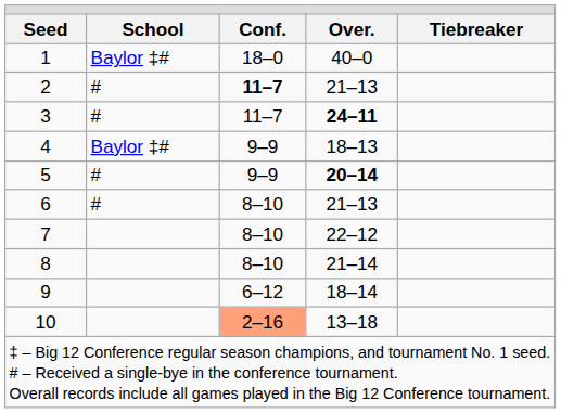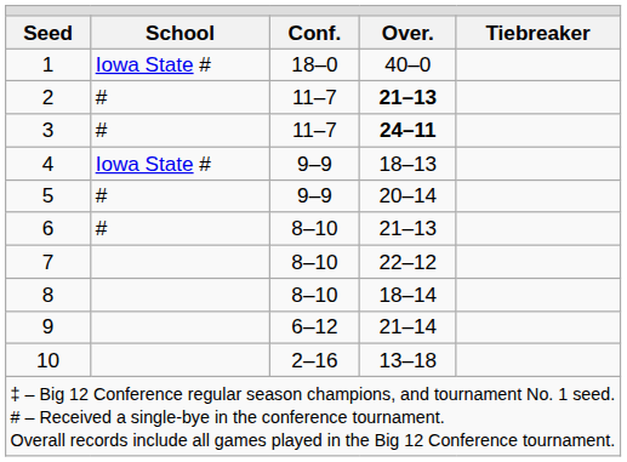 <table class="wikitable" style="white-space:nowrap; font-size:90%;text-align:center">
 <tr>
 <td colspan="10" style="text-align:center; background:#DDDDDD; font:#000000"><strong></strong></td>
 </tr>
 <tr bgcolor="#efefef">
 <th>Seed</th>
 <th>School</th>
 <th>Conf.</th>
 <th>Over.</th>
 <th>Tiebreaker</th>
 </tr>
 <tr>
 <td>1</td>
-<td align=left><a href='#'>Baylor</a> ‡#</td>
+<td align=left><a href='#'>Iowa State</a> #</td>
 <td>18–0</td>
 <td>40–0</td>
 <td></td>
 </tr>
 <tr>
 <td>2</td>
 <td align=left> #</td>
-<td><strong>11–7</strong></td>
-<td>21–13</td>
+<td>11–7</td>
+<td><strong>21–13</strong></td>
 <td></td>
 </tr>
 <tr>
 <td>3</td>
 <td align=left> #</td>
 <td>11–7</td>
 <td><strong>24–11</strong></td>
 <td></td>
 </tr>
 <tr>
 <td>4</td>
-<td align=left><a href='#'>Baylor</a> ‡#</td>
+<td align=left><a href='#'>Iowa State</a> #</td>
 <td>9–9</td>
 <td>18–13</td>
 <td></td>
 </tr>
 <tr>
 <td>5</td>
 <td align=left> #</td>
 <td>9–9</td>
-<td><strong>20–14</strong></td>
+<td>20–14</td>
 <td></td>
 </tr>
 <tr>
 <td>6</td>
 <td align=left> #</td>
 <td>8–10</td>
 <td>21–13</td>
 <td></td>
 </tr>
 <tr>
 <td>7</td>
 <td align=left></td>
 <td>8–10</td>
 <td>22–12</td>
 <td></td>
 </tr>
 <tr>
 <td>8</td>
 <td align=left></td>
 <td>8–10</td>
-<td>21–14</td>
+<td>18–14</td>
 <td></td>
 </tr>
 <tr>
 <td>9</td>
 <td align=left></td>
 <td>6–12</td>
-<td>18–14</td>
+<td>21–14</td>
 <td></td>
 </tr>
 <tr>
 <td>10</td>
 <td align=left></td>
-<td style="background: lightsalmon;">2–16</td>
+<td>2–16</td>
 <td>13–18</td>
 <td></td>
 </tr>
 <tr>
 <td colspan="10" style="text-align:left;"><small>‡ – Big 12 Conference regular season champions, and tournament No. 1 seed.<br># – Received a single-bye in the conference tournament.<br>Overall records include all games played in the Big 12 Conference tournament.</small></td>
 </tr>
 </table>
